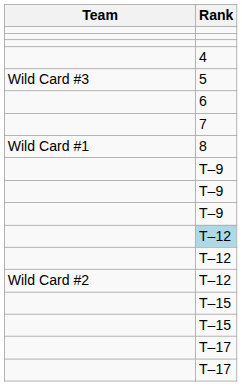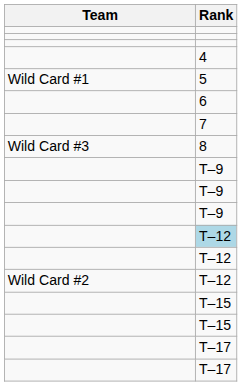 <table class="wikitable">
 <tr>
 <th width=210>Team</th>
 <th width=15>Rank</th>
 </tr>
 <tr>
 <td></td>
 <td></td>
 </tr>
 <tr>
 <td></td>
 <td></td>
 </tr>
 <tr>
 <td></td>
 <td></td>
 </tr>
 <tr>
 <td></td>
 <td>4</td>
 </tr>
 <tr>
-<td> Wild Card #3</td>
+<td> Wild Card #1</td>
 <td>5</td>
 </tr>
 <tr>
 <td></td>
 <td>6</td>
 </tr>
 <tr>
 <td></td>
 <td>7</td>
 </tr>
 <tr>
-<td> Wild Card #1</td>
+<td> Wild Card #3</td>
 <td>8</td>
 </tr>
 <tr>
 <td></td>
 <td>T–9</td>
 </tr>
 <tr>
 <td></td>
 <td>T–9</td>
 </tr>
 <tr>
 <td></td>
 <td>T–9</td>
 </tr>
 <tr>
 <td></td>
 <td style="background: lightblue;">T–12</td>
 </tr>
 <tr>
 <td></td>
 <td>T–12</td>
 </tr>
 <tr>
 <td> Wild Card #2</td>
 <td>T–12</td>
 </tr>
 <tr>
 <td></td>
 <td>T–15</td>
 </tr>
 <tr>
 <td></td>
 <td>T–15</td>
 </tr>
 <tr>
 <td></td>
 <td>T–17</td>
 </tr>
 <tr>
 <td></td>
 <td>T–17</td>
 </tr>
 </table>
